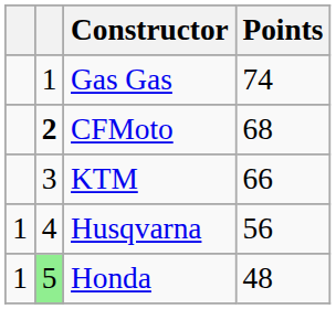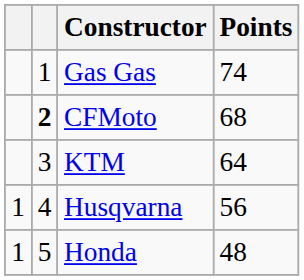 <table class="wikitable" style="font-size: 95%;">
 <tr>
 <th></th>
 <th></th>
 <th>Constructor</th>
 <th>Points</th>
 </tr>
 <tr>
 <td></td>
 <td align=center>1</td>
 <td> <a href='#'>Gas Gas</a></td>
 <td align=left>74</td>
 </tr>
 <tr>
 <td></td>
 <td align=center><strong>2</strong></td>
 <td> <a href='#'>CFMoto</a></td>
 <td align=left>68</td>
 </tr>
 <tr>
 <td></td>
 <td align=center>3</td>
 <td> <a href='#'>KTM</a></td>
-<td align=left>66</td>
+<td align=left>64</td>
 </tr>
 <tr>
 <td> 1</td>
 <td align=center>4</td>
 <td> <a href='#'>Husqvarna</a></td>
 <td align=left>56</td>
 </tr>
 <tr>
 <td> 1</td>
-<td align=center style="background: lightgreen;">5</td>
+<td align=center>5</td>
 <td> <a href='#'>Honda</a></td>
 <td align=left>48</td>
 </tr>
 </table>
